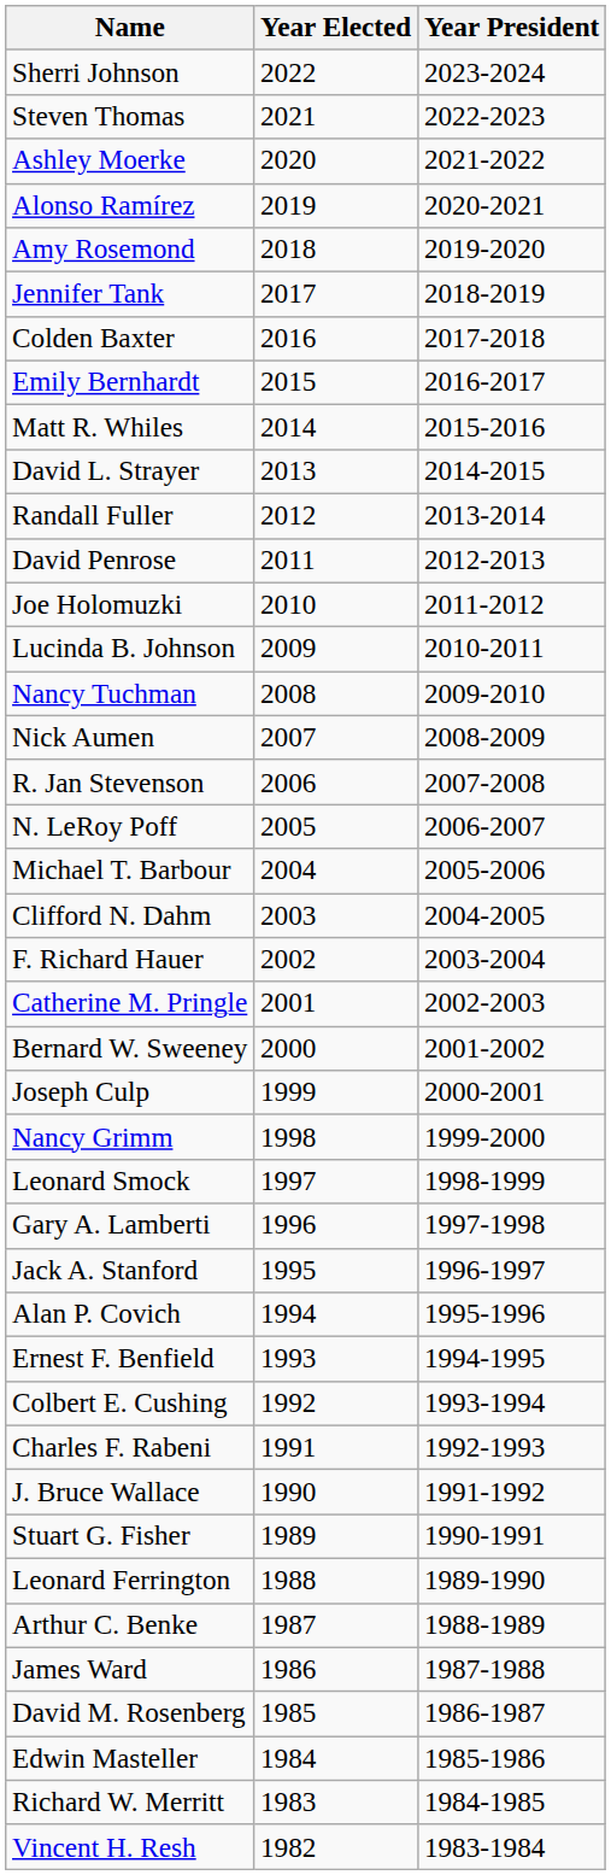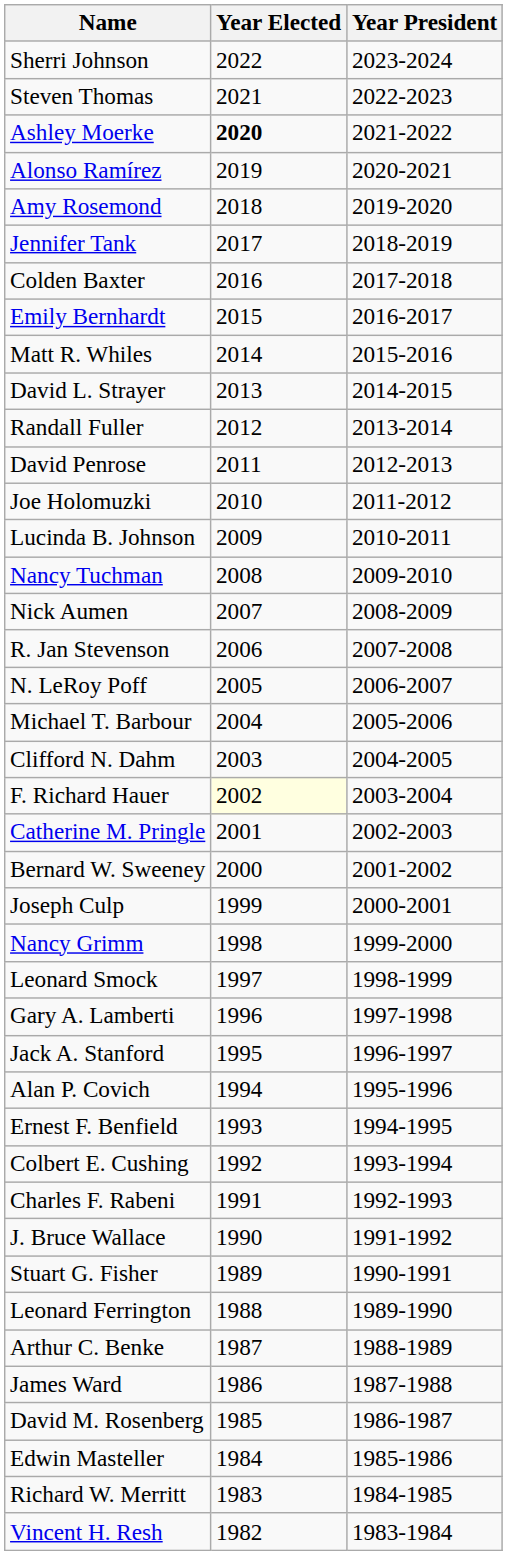 <table class="wikitable">
 <tr>
 <th>Name</th>
 <th>Year Elected</th>
 <th>Year President</th>
 </tr>
 <tr>
 <td>Sherri Johnson</td>
 <td>2022</td>
 <td>2023-2024</td>
 </tr>
 <tr>
 <td>Steven Thomas</td>
 <td>2021</td>
 <td>2022-2023</td>
 </tr>
 <tr>
 <td><a href='#'>Ashley Moerke</a></td>
-<td>2020</td>
+<td><strong>2020</strong></td>
 <td>2021-2022</td>
 </tr>
 <tr>
 <td><a href='#'>Alonso Ramírez</a></td>
 <td>2019</td>
 <td>2020-2021</td>
 </tr>
 <tr>
 <td><a href='#'>Amy Rosemond</a></td>
 <td>2018</td>
 <td>2019-2020</td>
 </tr>
 <tr>
 <td><a href='#'>Jennifer Tank</a></td>
 <td>2017</td>
 <td>2018-2019</td>
 </tr>
 <tr>
 <td>Colden Baxter</td>
 <td>2016</td>
 <td>2017-2018</td>
 </tr>
 <tr>
 <td><a href='#'>Emily Bernhardt</a></td>
 <td>2015</td>
 <td>2016-2017</td>
 </tr>
 <tr>
 <td>Matt R. Whiles</td>
 <td>2014</td>
 <td>2015-2016</td>
 </tr>
 <tr>
 <td>David L. Strayer</td>
 <td>2013</td>
 <td>2014-2015</td>
 </tr>
 <tr>
 <td>Randall Fuller</td>
 <td>2012</td>
 <td>2013-2014</td>
 </tr>
 <tr>
 <td>David Penrose</td>
 <td>2011</td>
 <td>2012-2013</td>
 </tr>
 <tr>
 <td>Joe Holomuzki</td>
 <td>2010</td>
 <td>2011-2012</td>
 </tr>
 <tr>
 <td>Lucinda B. Johnson</td>
 <td>2009</td>
 <td>2010-2011</td>
 </tr>
 <tr>
 <td><a href='#'>Nancy Tuchman</a></td>
 <td>2008</td>
 <td>2009-2010</td>
 </tr>
 <tr>
 <td>Nick Aumen</td>
 <td>2007</td>
 <td>2008-2009</td>
 </tr>
 <tr>
 <td>R. Jan Stevenson</td>
 <td>2006</td>
 <td>2007-2008</td>
 </tr>
 <tr>
 <td>N. LeRoy Poff</td>
 <td>2005</td>
 <td>2006-2007</td>
 </tr>
 <tr>
 <td>Michael T. Barbour</td>
 <td>2004</td>
 <td>2005-2006</td>
 </tr>
 <tr>
 <td>Clifford N. Dahm</td>
 <td>2003</td>
 <td>2004-2005</td>
 </tr>
 <tr>
 <td>F. Richard Hauer</td>
-<td>2002</td>
+<td style="background: lightyellow;">2002</td>
 <td>2003-2004</td>
 </tr>
 <tr>
 <td><a href='#'>Catherine M. Pringle</a></td>
 <td>2001</td>
 <td>2002-2003</td>
 </tr>
 <tr>
 <td>Bernard W. Sweeney</td>
 <td>2000</td>
 <td>2001-2002</td>
 </tr>
 <tr>
 <td>Joseph Culp</td>
 <td>1999</td>
 <td>2000-2001</td>
 </tr>
 <tr>
 <td><a href='#'>Nancy Grimm</a></td>
 <td>1998</td>
 <td>1999-2000</td>
 </tr>
 <tr>
 <td>Leonard Smock</td>
 <td>1997</td>
 <td>1998-1999</td>
 </tr>
 <tr>
 <td>Gary A. Lamberti</td>
 <td>1996</td>
 <td>1997-1998</td>
 </tr>
 <tr>
 <td>Jack A. Stanford</td>
 <td>1995</td>
 <td>1996-1997</td>
 </tr>
 <tr>
 <td>Alan P. Covich</td>
 <td>1994</td>
 <td>1995-1996</td>
 </tr>
 <tr>
 <td>Ernest F. Benfield</td>
 <td>1993</td>
 <td>1994-1995</td>
 </tr>
 <tr>
 <td>Colbert E. Cushing</td>
 <td>1992</td>
 <td>1993-1994</td>
 </tr>
 <tr>
 <td>Charles F. Rabeni</td>
 <td>1991</td>
 <td>1992-1993</td>
 </tr>
 <tr>
 <td>J. Bruce Wallace</td>
 <td>1990</td>
 <td>1991-1992</td>
 </tr>
 <tr>
 <td>Stuart G. Fisher</td>
 <td>1989</td>
 <td>1990-1991</td>
 </tr>
 <tr>
 <td>Leonard Ferrington</td>
 <td>1988</td>
 <td>1989-1990</td>
 </tr>
 <tr>
 <td>Arthur C. Benke</td>
 <td>1987</td>
 <td>1988-1989</td>
 </tr>
 <tr>
 <td>James Ward</td>
 <td>1986</td>
 <td>1987-1988</td>
 </tr>
 <tr>
 <td>David M. Rosenberg</td>
 <td>1985</td>
 <td>1986-1987</td>
 </tr>
 <tr>
 <td>Edwin Masteller</td>
 <td>1984</td>
 <td>1985-1986</td>
 </tr>
 <tr>
 <td>Richard W. Merritt</td>
 <td>1983</td>
 <td>1984-1985</td>
 </tr>
 <tr>
 <td><a href='#'>Vincent H. Resh</a></td>
 <td>1982</td>
 <td>1983-1984</td>
 </tr>
 </table>
